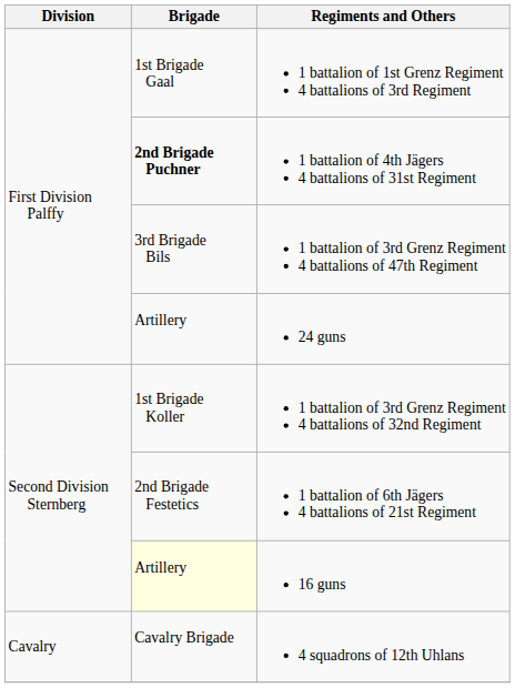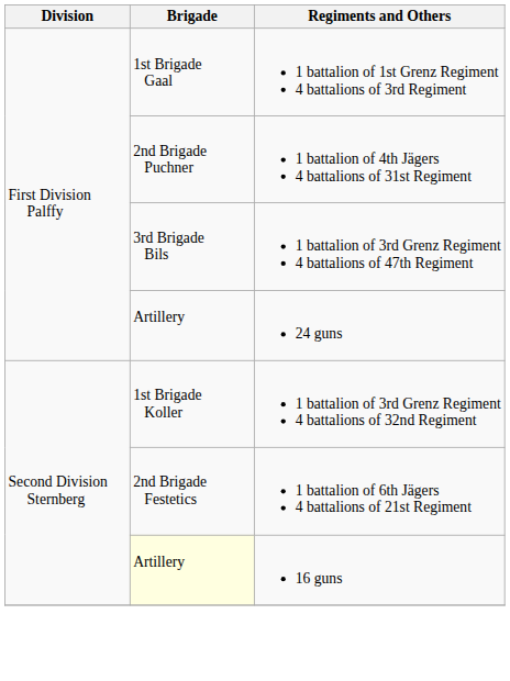 <table class="wikitable">
 <tr>
 <th width=25%>Division</th>
 <th width=25%>Brigade</th>
 <th>Regiments and Others</th>
 </tr>
 <tr>
 <td rowspan=4><br>First Division <br>     Palffy</td>
 <td>1st Brigade<br>   Gaal</td>
 <td><br><ul><li>1 battalion of 1st Grenz Regiment</li><li>4 battalions of 3rd Regiment</li></ul></td>
 </tr>
 <tr>
-<td><strong>2nd Brigade<br>   Puchner</strong></td>
+<td>2nd Brigade<br>   Puchner</td>
 <td><br><ul><li>1 battalion of 4th Jägers</li><li>4 battalions of 31st Regiment</li></ul></td>
 </tr>
 <tr>
 <td>3rd Brigade<br>   Bils</td>
 <td><br><ul><li>1 battalion of 3rd Grenz Regiment</li><li>4 battalions of 47th Regiment</li></ul></td>
 </tr>
 <tr>
 <td>Artillery<br>  </td>
 <td><br><ul><li>24 guns</li></ul></td>
 </tr>
 <tr>
 <td rowspan=3><br>Second Division <br>     Sternberg</td>
 <td>1st Brigade<br>   Koller</td>
 <td><br><ul><li>1 battalion of 3rd Grenz Regiment</li><li>4 battalions of 32nd Regiment</li></ul></td>
 </tr>
 <tr>
 <td>2nd Brigade<br>   Festetics</td>
 <td><br><ul><li>1 battalion of 6th Jägers</li><li>4 battalions of 21st Regiment</li></ul></td>
 </tr>
 <tr>
 <td style="background: lightyellow;">Artillery<br>  </td>
 <td><br><ul><li>16 guns</li></ul></td>
 </tr>
 <tr>
-<td rowspan=1><br>Cavalry <br>    </td>
-<td>Cavalry Brigade<br>  </td>
-<td><br><ul><li>4 squadrons of 12th Uhlans</li></ul></td>
-</tr>
-<tr>
 </tr>
 </table>
